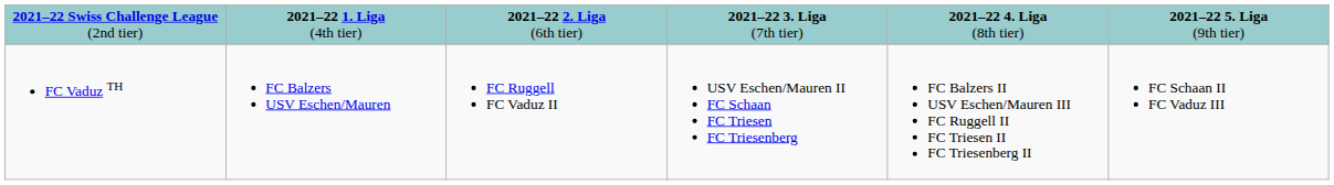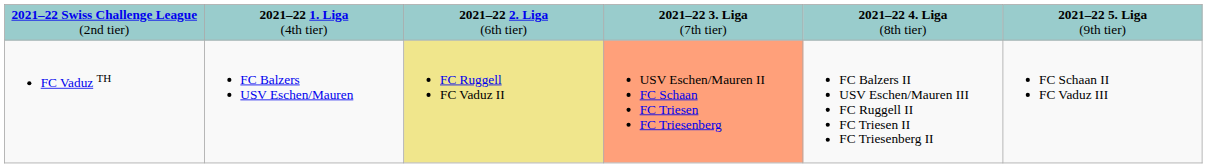 <table class="wikitable">
 <tr valign="top" bgcolor="#99CCCC">
 <td align="center" width="16%"><strong><a href='#'>2021–22 Swiss Challenge League</a></strong><br>(2nd tier)</td>
 <td align="center" width="16%"><strong>2021–22 <a href='#'>1. Liga</a></strong><br>(4th tier)</td>
 <td align="center" width="16%"><strong>2021–22 <a href='#'>2. Liga</a></strong><br>(6th tier)</td>
 <td align="center" width="16%"><strong>2021–22 3. Liga</strong><br>(7th tier)</td>
 <td align="center" width="16%"><strong>2021–22 4. Liga</strong><br>(8th tier)</td>
 <td align="center" width="16%"><strong>2021–22 5. Liga</strong><br>(9th tier)</td>
 </tr>
 <tr valign="top">
 <td><br><ul><li><a href='#'>FC Vaduz</a> <sup>TH</sup></li></ul></td>
 <td><br><ul><li><a href='#'>FC Balzers</a></li><li><a href='#'>USV Eschen/Mauren</a></li></ul></td>
-<td><br><ul><li><a href='#'>FC Ruggell</a></li><li>FC Vaduz II</li></ul></td>
-<td><br><ul><li>USV Eschen/Mauren II</li><li><a href='#'>FC Schaan</a></li><li><a href='#'>FC Triesen</a></li><li><a href='#'>FC Triesenberg</a></li></ul></td>
+<td style="background: khaki;"><br><ul><li><a href='#'>FC Ruggell</a></li><li>FC Vaduz II</li></ul></td>
+<td style="background: lightsalmon;"><br><ul><li>USV Eschen/Mauren II</li><li><a href='#'>FC Schaan</a></li><li><a href='#'>FC Triesen</a></li><li><a href='#'>FC Triesenberg</a></li></ul></td>
 <td><br><ul><li>FC Balzers II</li><li>USV Eschen/Mauren III</li><li>FC Ruggell II</li><li>FC Triesen II</li><li>FC Triesenberg II</li></ul></td>
 <td><br><ul><li>FC Schaan II</li><li>FC Vaduz III</li></ul></td>
 </tr>
 </table>
